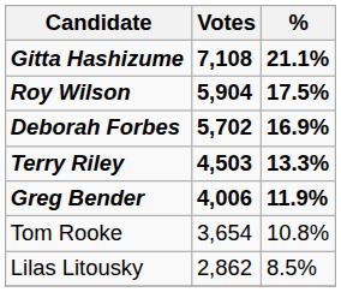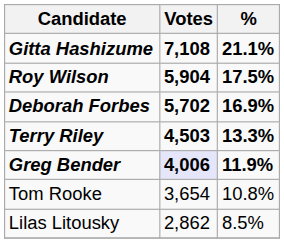 <table class="wikitable" style="width:240px">
 <tr>
 <th>Candidate</th>
 <th>Votes</th>
 <th>%</th>
 </tr>
 <tr>
 <td><strong><em>Gitta Hashizume</em></strong></td>
 <td><strong>7,108</strong></td>
 <td><strong>21.1%</strong></td>
 </tr>
 <tr>
 <td><strong><em>Roy Wilson</em></strong></td>
 <td><strong>5,904</strong></td>
 <td><strong>17.5%</strong></td>
 </tr>
 <tr>
 <td><strong><em>Deborah Forbes</em></strong></td>
 <td><strong>5,702</strong></td>
 <td><strong>16.9%</strong></td>
 </tr>
 <tr>
 <td><strong><em>Terry Riley</em></strong></td>
 <td><strong>4,503</strong></td>
 <td><strong>13.3%</strong></td>
 </tr>
 <tr>
 <td><strong><em>Greg Bender</em></strong></td>
-<td><strong>4,006</strong></td>
+<td style="background: lavender;"><strong>4,006</strong></td>
 <td><strong>11.9%</strong></td>
 </tr>
 <tr>
 <td>Tom Rooke</td>
 <td>3,654</td>
 <td>10.8%</td>
 </tr>
 <tr>
 <td>Lilas Litousky</td>
 <td>2,862</td>
 <td>8.5%</td>
 </tr>
 <tr>
 </tr>
 </table>
